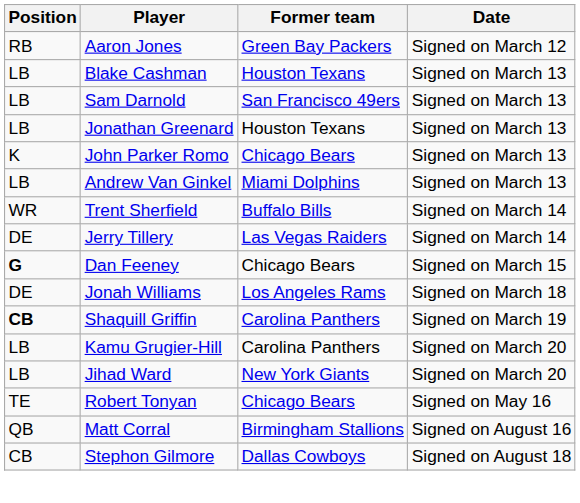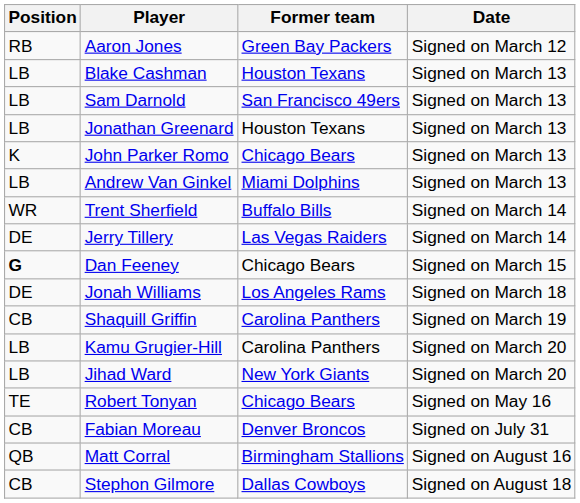 <table class="wikitable">
 <tr>
 <th>Position</th>
 <th>Player</th>
 <th>Former team</th>
 <th>Date</th>
 </tr>
 <tr>
 <td>RB</td>
 <td><a href='#'>Aaron Jones</a></td>
 <td><a href='#'>Green Bay Packers</a></td>
 <td>Signed on March 12</td>
 </tr>
 <tr>
 <td>LB</td>
 <td><a href='#'>Blake Cashman</a></td>
 <td><a href='#'>Houston Texans</a></td>
 <td>Signed on March 13</td>
 </tr>
 <tr>
 <td>LB</td>
 <td><a href='#'>Sam Darnold</a></td>
 <td><a href='#'>San Francisco 49ers</a></td>
 <td>Signed on March 13</td>
 </tr>
 <tr>
 <td>LB</td>
 <td><a href='#'>Jonathan Greenard</a></td>
 <td>Houston Texans</td>
 <td>Signed on March 13</td>
 </tr>
 <tr>
 <td>K</td>
 <td><a href='#'>John Parker Romo</a></td>
 <td><a href='#'>Chicago Bears</a></td>
 <td>Signed on March 13</td>
 </tr>
 <tr>
 <td>LB</td>
 <td><a href='#'>Andrew Van Ginkel</a></td>
 <td><a href='#'>Miami Dolphins</a></td>
 <td>Signed on March 13</td>
 </tr>
 <tr>
 <td>WR</td>
 <td><a href='#'>Trent Sherfield</a></td>
 <td><a href='#'>Buffalo Bills</a></td>
 <td>Signed on March 14</td>
 </tr>
 <tr>
 <td>DE</td>
 <td><a href='#'>Jerry Tillery</a></td>
 <td><a href='#'>Las Vegas Raiders</a></td>
 <td>Signed on March 14</td>
 </tr>
 <tr>
 <td><strong>G</strong></td>
 <td><a href='#'>Dan Feeney</a></td>
 <td>Chicago Bears</td>
 <td>Signed on March 15</td>
 </tr>
 <tr>
 <td>DE</td>
 <td><a href='#'>Jonah Williams</a></td>
 <td><a href='#'>Los Angeles Rams</a></td>
 <td>Signed on March 18</td>
 </tr>
 <tr>
-<td><strong>CB</strong></td>
+<td>CB</td>
 <td><a href='#'>Shaquill Griffin</a></td>
 <td><a href='#'>Carolina Panthers</a></td>
 <td>Signed on March 19</td>
 </tr>
 <tr>
 <td>LB</td>
 <td><a href='#'>Kamu Grugier-Hill</a></td>
 <td>Carolina Panthers</td>
 <td>Signed on March 20</td>
 </tr>
 <tr>
 <td>LB</td>
 <td><a href='#'>Jihad Ward</a></td>
 <td><a href='#'>New York Giants</a></td>
 <td>Signed on March 20</td>
 </tr>
 <tr>
 <td>TE</td>
 <td><a href='#'>Robert Tonyan</a></td>
 <td><a href='#'>Chicago Bears</a></td>
 <td>Signed on May 16</td>
 </tr>
 <tr>
+<td>CB</td>
+<td><a href='#'>Fabian Moreau</a></td>
+<td><a href='#'>Denver Broncos</a></td>
+<td>Signed on July 31</td>
+</tr>
+<tr>
 <td>QB</td>
 <td><a href='#'>Matt Corral</a></td>
 <td><a href='#'>Birmingham Stallions</a></td>
 <td>Signed on August 16</td>
 </tr>
 <tr>
 <td>CB</td>
 <td><a href='#'>Stephon Gilmore</a></td>
 <td><a href='#'>Dallas Cowboys</a></td>
 <td>Signed on August 18</td>
 </tr>
 </table>
